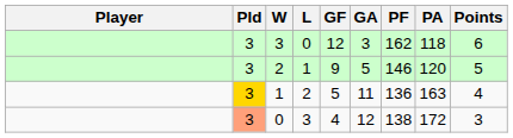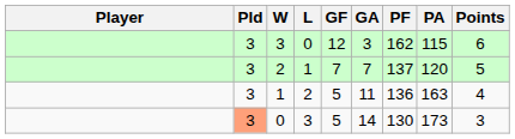 <table class=wikitable style="text-align:center">
 <tr>
 <th width=220>Player</th>
 <th width=20>Pld</th>
 <th width=20>W</th>
 <th width=20>L</th>
 <th width=20>GF</th>
 <th width=20>GA</th>
 <th width=20>PF</th>
 <th width=20>PA</th>
 <th width=50>Points</th>
 </tr>
 <tr bgcolor="#ccffcc">
 <td align=left></td>
 <td>3</td>
 <td>3</td>
 <td>0</td>
 <td>12</td>
 <td>3</td>
 <td>162</td>
-<td>118</td>
+<td>115</td>
 <td>6</td>
 </tr>
 <tr bgcolor="#ccffcc">
 <td align=left></td>
 <td>3</td>
 <td>2</td>
 <td>1</td>
-<td>9</td>
-<td>5</td>
-<td>146</td>
+<td>7</td>
+<td>7</td>
+<td>137</td>
 <td>120</td>
 <td>5</td>
 </tr>
 <tr>
 <td align=left></td>
-<td style="background: gold;">3</td>
+<td>3</td>
 <td>1</td>
 <td>2</td>
 <td>5</td>
 <td>11</td>
 <td>136</td>
 <td>163</td>
 <td>4</td>
 </tr>
 <tr>
 <td align=left></td>
 <td style="background: lightsalmon;">3</td>
 <td>0</td>
 <td>3</td>
-<td>4</td>
-<td>12</td>
-<td>138</td>
-<td>172</td>
+<td>5</td>
+<td>14</td>
+<td>130</td>
+<td>173</td>
 <td>3</td>
 </tr>
 </table>
